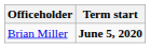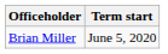 <table class="wikitable sortable">
 <tr style="vertical-align:bottom;">
 <th>Officeholder</th>
 <th>Term start</th>
 </tr>
 <tr>
 <td><a href='#'>Brian Miller</a></td>
-<td><strong>June 5, 2020</strong></td>
+<td>June 5, 2020</td>
 </tr>
 </table>
